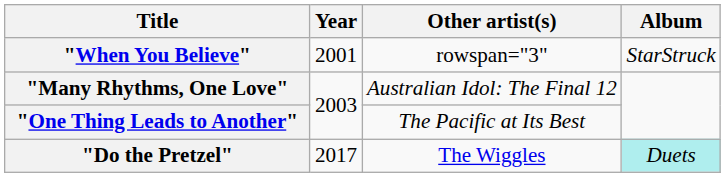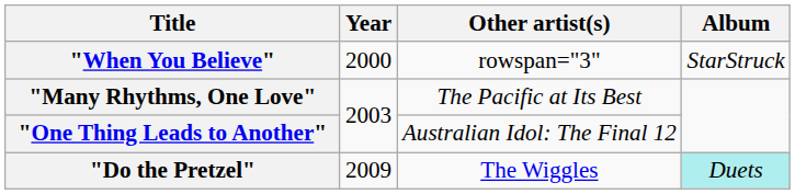 <table class="wikitable plainrowheaders" style="text-align:center;">
 <tr>
 <th scope="col" style="width:14em;">Title</th>
 <th scope="col">Year</th>
 <th scope="col">Other artist(s)</th>
 <th scope="col">Album</th>
 </tr>
 <tr>
 <th scope="row">"<a href='#'>When You Believe</a>"</th>
-<td>2001</td>
+<td>2000</td>
 <td>rowspan="3" </td>
 <td><em>StarStruck</em></td>
 </tr>
 <tr>
 <th scope="row">"Many Rhythms, One Love"</th>
 <td rowspan="2">2003</td>
+<td><em>The Pacific at Its Best</em></td>
+</tr>
+<tr>
+<th scope="row">"<a href='#'>One Thing Leads to Another</a>"</th>
 <td><em>Australian Idol: The Final 12</em></td>
 </tr>
 <tr>
-<th scope="row">"<a href='#'>One Thing Leads to Another</a>"</th>
-<td><em>The Pacific at Its Best</em></td>
-</tr>
-<tr>
 <th scope="row">"Do the Pretzel"</th>
-<td>2017</td>
+<td>2009</td>
 <td><a href='#'>The Wiggles</a></td>
 <td style="background: paleturquoise;"><em>Duets</em></td>
 </tr>
 </table>
